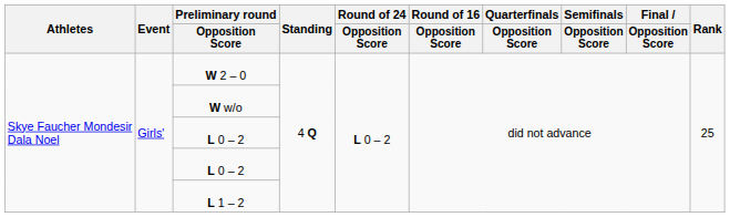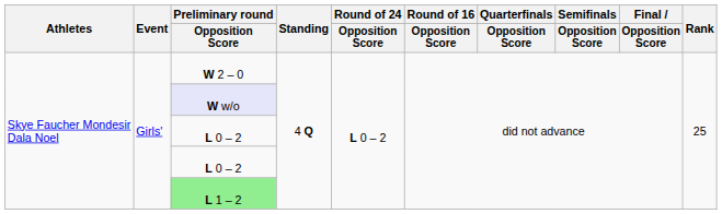 <table class=wikitable style="font-size:90%">
 <tr>
 <th rowspan="2">Athletes</th>
 <th rowspan="2">Event</th>
 <th>Preliminary round</th>
 <th rowspan="2">Standing</th>
 <th>Round of 24</th>
 <th>Round of 16</th>
 <th>Quarterfinals</th>
 <th>Semifinals</th>
 <th>Final / </th>
 <th rowspan=2>Rank</th>
 </tr>
 <tr style="font-size:95%">
 <th>Opposition<br>Score</th>
 <th>Opposition<br>Score</th>
 <th>Opposition<br>Score</th>
 <th>Opposition<br>Score</th>
 <th>Opposition<br>Score</th>
 <th>Opposition<br>Score</th>
 </tr>
 <tr align=center>
 <td align=left rowspan=5><a href='#'>Skye Faucher Mondesir</a><br><a href='#'>Dala Noel</a></td>
 <td align=left rowspan=5><a href='#'>Girls'</a></td>
 <td><br><strong>W</strong> 2 – 0</td>
 <td rowspan=5>4 <strong>Q</strong></td>
 <td rowspan=5><br><strong>L</strong> 0 – 2</td>
 <td rowspan=5 colspan=4>did not advance</td>
 <td rowspan=5>25</td>
 </tr>
 <tr align=center>
-<td><br><strong>W</strong> w/o</td>
+<td style="background: lavender;"><br><strong>W</strong> w/o</td>
 </tr>
 <tr align=center>
 <td><br><strong>L</strong> 0 – 2</td>
 </tr>
 <tr align=center>
 <td><br><strong>L</strong> 0 – 2</td>
 </tr>
 <tr align=center>
-<td><br><strong>L</strong> 1 – 2</td>
+<td style="background: lightgreen;"><br><strong>L</strong> 1 – 2</td>
 </tr>
 </table>
